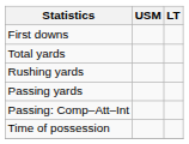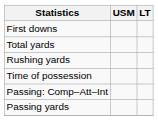 <table class="wikitable" style="float: left;">
 <tr>
 <th>Statistics</th>
 <th>USM</th>
 <th>LT</th>
 </tr>
 <tr>
 <td>First downs</td>
 <td></td>
 <td></td>
 </tr>
 <tr>
 <td>Total yards</td>
 <td></td>
 <td></td>
 </tr>
 <tr>
 <td>Rushing yards</td>
 <td></td>
 <td></td>
 </tr>
 <tr>
-<td>Passing yards</td>
+<td>Time of possession</td>
 <td></td>
 <td></td>
 </tr>
 <tr>
 <td>Passing: Comp–Att–Int</td>
 <td></td>
 <td></td>
 </tr>
 <tr>
-<td>Time of possession</td>
+<td>Passing yards</td>
 <td></td>
 <td></td>
 </tr>
 <tr>
 </tr>
 </table>
